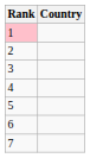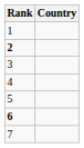 <table class="wikitable">
 <tr>
 <th>Rank</th>
 <th>Country</th>
 </tr>
 <tr>
-<td style="background: pink;">1</td>
+<td>1</td>
 <td></td>
 </tr>
 <tr>
-<td>2</td>
+<td><strong>2</strong></td>
 <td></td>
 </tr>
 <tr>
 <td>3</td>
 <td></td>
 </tr>
 <tr>
 <td>4</td>
 <td></td>
 </tr>
 <tr>
 <td>5</td>
 <td></td>
 </tr>
 <tr>
-<td>6</td>
+<td><strong>6</strong></td>
 <td></td>
 </tr>
 <tr>
 <td>7</td>
 <td></td>
 </tr>
 </table>
